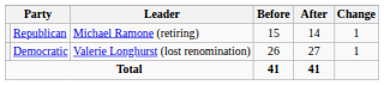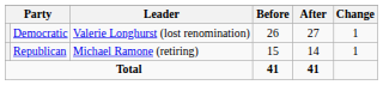 <table class="wikitable" style="text-align:center;">
 <tr>
 </tr>
 <tr>
 <th colspan="2">Party</th>
 <th>Leader</th>
 <th style="width:3em">Before</th>
 <th style="width:3em">After</th>
 <th style="width:3em">Change</th>
 </tr>
 <tr>
 <th style="background-color:"></th>
+<td style="text-align:left;"><a href='#'>Democratic</a></td>
+<td style="text-align:left;"><a href='#'>Valerie Longhurst</a> (lost renomination)</td>
+<td>26</td>
+<td>27</td>
+<td> 1</td>
+</tr>
+<tr>
+<th style="background-color:"></th>
 <td style="text-align:left;"><a href='#'>Republican</a></td>
 <td style="text-align:left;"><a href='#'>Michael Ramone</a> (retiring)</td>
 <td>15</td>
 <td>14</td>
-<td> 1</td>
-</tr>
-<tr>
-<th style="background-color:"></th>
-<td style="text-align:left;"><a href='#'>Democratic</a></td>
-<td style="text-align:left;"><a href='#'>Valerie Longhurst</a> (lost renomination)</td>
-<td>26</td>
-<td>27</td>
 <td> 1</td>
 </tr>
 <tr>
 <td colspan="3"><strong>Total</strong></td>
 <td><strong>41</strong></td>
 <td><strong>41</strong></td>
 <td></td>
 </tr>
 </table>
